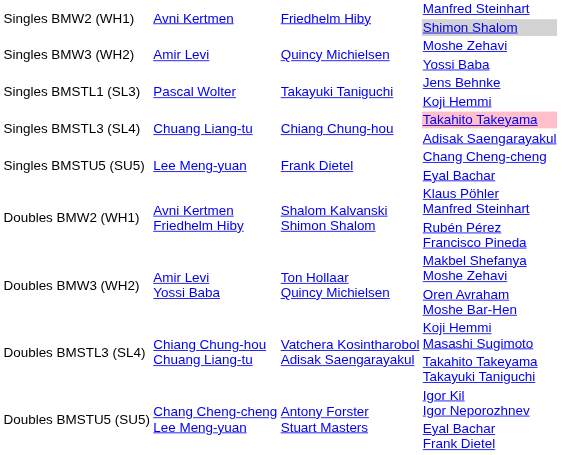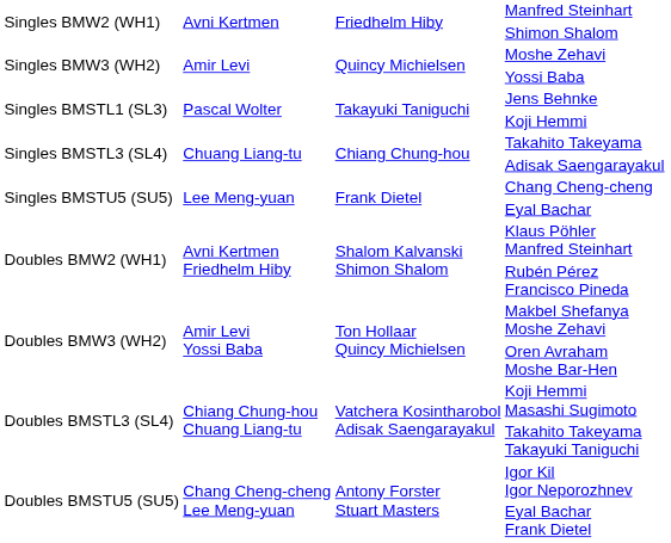 <table>
 <tr>
 <td rowspan=2>Singles BMW2 (WH1)</td>
 <td rowspan=2> <a href='#'>Avni Kertmen</a></td>
 <td rowspan=2> <a href='#'>Friedhelm Hiby</a></td>
 <td> <a href='#'>Manfred Steinhart</a></td>
 </tr>
 <tr>
-<td style="background: lightgrey;"> <a href='#'>Shimon Shalom</a></td>
+<td> <a href='#'>Shimon Shalom</a></td>
 </tr>
 <tr>
 <td rowspan=2>Singles BMW3 (WH2)</td>
 <td rowspan=2> <a href='#'>Amir Levi</a></td>
 <td rowspan=2> <a href='#'>Quincy Michielsen</a></td>
 <td> <a href='#'>Moshe Zehavi</a></td>
 </tr>
 <tr>
 <td> <a href='#'>Yossi Baba</a></td>
 </tr>
 <tr>
 <td rowspan=2>Singles BMSTL1 (SL3)</td>
 <td rowspan=2> <a href='#'>Pascal Wolter</a></td>
 <td rowspan=2> <a href='#'>Takayuki Taniguchi</a></td>
 <td> <a href='#'>Jens Behnke</a></td>
 </tr>
 <tr>
 <td> <a href='#'>Koji Hemmi</a></td>
 </tr>
 <tr>
 <td rowspan=2>Singles BMSTL3 (SL4)</td>
 <td rowspan=2> <a href='#'>Chuang Liang-tu</a></td>
 <td rowspan=2> <a href='#'>Chiang Chung-hou</a></td>
-<td style="background: pink;"> <a href='#'>Takahito Takeyama</a></td>
+<td> <a href='#'>Takahito Takeyama</a></td>
 </tr>
 <tr>
 <td> <a href='#'>Adisak Saengarayakul</a></td>
 </tr>
 <tr>
 <td rowspan=2>Singles BMSTU5 (SU5)</td>
 <td rowspan=2> <a href='#'>Lee Meng-yuan</a></td>
 <td rowspan=2> <a href='#'>Frank Dietel</a></td>
 <td> <a href='#'>Chang Cheng-cheng</a></td>
 </tr>
 <tr>
 <td> <a href='#'>Eyal Bachar</a></td>
 </tr>
 <tr>
 <td rowspan=2>Doubles BMW2 (WH1)</td>
 <td rowspan=2> <a href='#'>Avni Kertmen</a><br> <a href='#'>Friedhelm Hiby</a></td>
 <td rowspan=2> <a href='#'>Shalom Kalvanski</a><br> <a href='#'>Shimon Shalom</a></td>
 <td> <a href='#'>Klaus Pöhler</a><br> <a href='#'>Manfred Steinhart</a></td>
 </tr>
 <tr>
 <td> <a href='#'>Rubén Pérez</a><br> <a href='#'>Francisco Pineda</a></td>
 </tr>
 <tr>
 <td rowspan=2>Doubles BMW3 (WH2)</td>
 <td rowspan=2> <a href='#'>Amir Levi</a><br> <a href='#'>Yossi Baba</a></td>
 <td rowspan=2> <a href='#'>Ton Hollaar</a><br> <a href='#'>Quincy Michielsen</a></td>
 <td> <a href='#'>Makbel Shefanya</a><br> <a href='#'>Moshe Zehavi</a></td>
 </tr>
 <tr>
 <td> <a href='#'>Oren Avraham</a><br> <a href='#'>Moshe Bar-Hen</a></td>
 </tr>
 <tr>
 <td rowspan=2>Doubles BMSTL3 (SL4)</td>
 <td rowspan=2> <a href='#'>Chiang Chung-hou</a><br> <a href='#'>Chuang Liang-tu</a></td>
 <td rowspan=2> <a href='#'>Vatchera Kosintharobol</a><br> <a href='#'>Adisak Saengarayakul</a></td>
 <td> <a href='#'>Koji Hemmi</a><br> <a href='#'>Masashi Sugimoto</a></td>
 </tr>
 <tr>
 <td> <a href='#'>Takahito Takeyama</a><br> <a href='#'>Takayuki Taniguchi</a></td>
 </tr>
 <tr>
 <td rowspan=2>Doubles BMSTU5 (SU5)</td>
 <td rowspan=2> <a href='#'>Chang Cheng-cheng</a><br> <a href='#'>Lee Meng-yuan</a></td>
 <td rowspan=2> <a href='#'>Antony Forster</a><br> <a href='#'>Stuart Masters</a></td>
 <td> <a href='#'>Igor Kil</a><br> <a href='#'>Igor Neporozhnev</a></td>
 </tr>
 <tr>
 <td> <a href='#'>Eyal Bachar</a><br> <a href='#'>Frank Dietel</a></td>
 </tr>
 </table>
